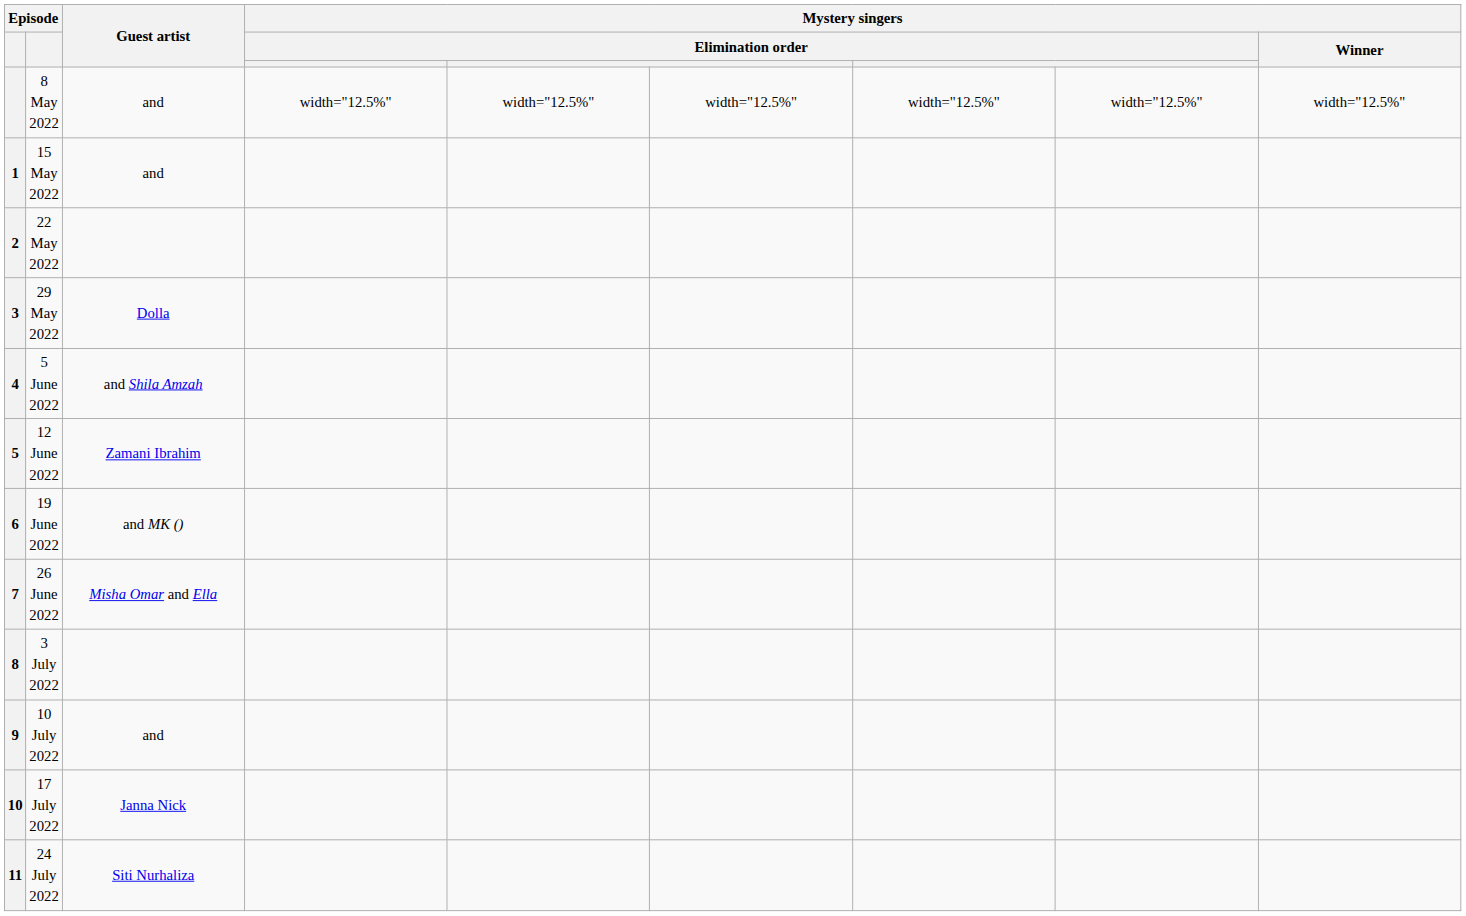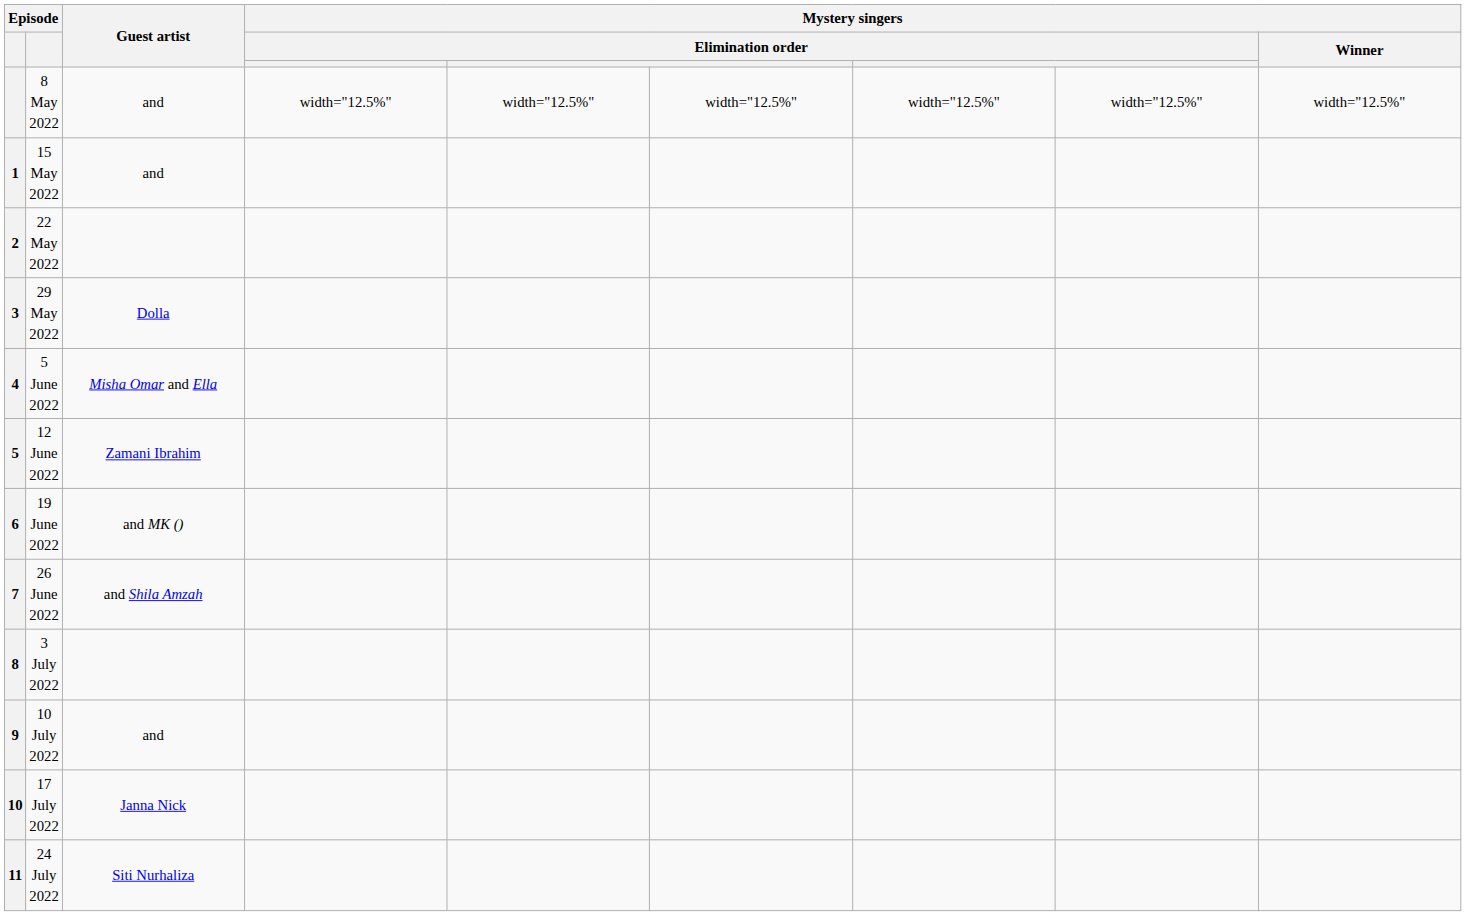 <table class="wikitable plainrowheaders mw-collapsible" style="text-align:center; line-height:23px; width:100%;">
 <tr>
 <th colspan="2" width="1%">Episode</th>
 <th rowspan="3" width="12.5%">Guest artist</th>
 <th colspan="6">Mystery singers<br></th>
 </tr>
 <tr>
 <th rowspan="2"></th>
 <th rowspan="2"></th>
 <th colspan="5">Elimination order</th>
 <th rowspan="2">Winner</th>
 </tr>
 <tr>
 <th></th>
 <th colspan="2"></th>
 <th colspan="2"></th>
 </tr>
 <tr>
 <th></th>
 <td>8 May 2022</td>
 <td> and <em></em><br></td>
 <td>width="12.5%" </td>
 <td>width="12.5%" </td>
 <td>width="12.5%" </td>
 <td>width="12.5%" </td>
 <td>width="12.5%" </td>
 <td>width="12.5%" </td>
 </tr>
 <tr>
 <th>1</th>
 <td>15 May 2022</td>
 <td><em></em> and </td>
 <td></td>
 <td></td>
 <td></td>
 <td></td>
 <td></td>
 <td></td>
 </tr>
 <tr>
 <th>2</th>
 <td>22 May 2022</td>
 <td><em></em></td>
 <td></td>
 <td></td>
 <td></td>
 <td></td>
 <td></td>
 <td></td>
 </tr>
 <tr>
 <th>3</th>
 <td>29 May 2022</td>
 <td><a href='#'>Dolla</a></td>
 <td></td>
 <td></td>
 <td></td>
 <td></td>
 <td></td>
 <td></td>
 </tr>
 <tr>
 <th>4</th>
 <td>5 June 2022</td>
-<td> and <em><a href='#'>Shila Amzah</a></em></td>
+<td><em><a href='#'>Misha Omar</a></em> and <em><a href='#'>Ella</a></em></td>
 <td></td>
 <td></td>
 <td></td>
 <td></td>
 <td></td>
 <td></td>
 </tr>
 <tr>
 <th>5</th>
 <td>12 June 2022</td>
 <td><a href='#'>Zamani Ibrahim</a><br></td>
 <td></td>
 <td></td>
 <td></td>
 <td></td>
 <td></td>
 <td></td>
 </tr>
 <tr>
 <th>6</th>
 <td>19 June 2022</td>
 <td><em></em> and <em>MK ()</em></td>
 <td></td>
 <td></td>
 <td></td>
 <td></td>
 <td></td>
 <td></td>
 </tr>
 <tr>
 <th>7</th>
 <td>26 June 2022</td>
-<td><em><a href='#'>Misha Omar</a></em> and <em><a href='#'>Ella</a></em></td>
+<td> and <em><a href='#'>Shila Amzah</a></em></td>
 <td></td>
 <td></td>
 <td></td>
 <td></td>
 <td></td>
 <td></td>
 </tr>
 <tr>
 <th>8</th>
 <td>3 July 2022</td>
 <td><em></em></td>
 <td></td>
 <td></td>
 <td></td>
 <td></td>
 <td></td>
 <td></td>
 </tr>
 <tr>
 <th>9</th>
 <td>10 July 2022</td>
 <td><em></em> and </td>
 <td></td>
 <td></td>
 <td></td>
 <td></td>
 <td></td>
 <td></td>
 </tr>
 <tr>
 <th>10</th>
 <td>17 July 2022</td>
 <td><a href='#'>Janna Nick</a></td>
 <td></td>
 <td></td>
 <td></td>
 <td></td>
 <td></td>
 <td></td>
 </tr>
 <tr>
 <th>11</th>
 <td>24 July 2022</td>
 <td><a href='#'>Siti Nurhaliza</a></td>
 <td></td>
 <td></td>
 <td></td>
 <td></td>
 <td></td>
 <td></td>
 </tr>
 </table>
